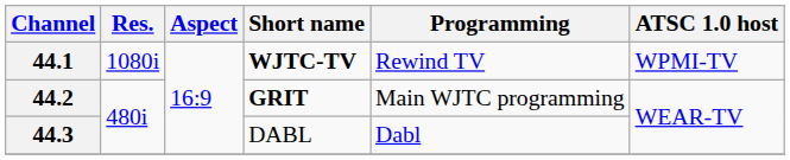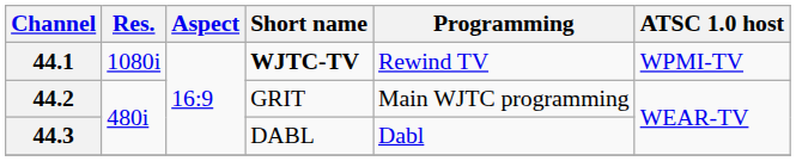 <table class="wikitable">
 <tr>
 <th scope = "col"><a href='#'>Channel</a></th>
 <th scope = "col"><a href='#'>Res.</a></th>
 <th scope = "col"><a href='#'>Aspect</a></th>
 <th scope = "col">Short name</th>
 <th scope = "col">Programming</th>
 <th scope = "col">ATSC 1.0 host</th>
 </tr>
 <tr>
 <th scope = "row">44.1</th>
 <td><a href='#'>1080i</a></td>
 <td rowspan=3><a href='#'>16:9</a></td>
 <td><strong>WJTC-TV</strong></td>
 <td><a href='#'>Rewind TV</a></td>
 <td><a href='#'>WPMI-TV</a></td>
 </tr>
 <tr>
 <th scope = "row">44.2</th>
 <td rowspan="2"><a href='#'>480i</a></td>
-<td><strong>GRIT</strong></td>
+<td>GRIT</td>
 <td>Main WJTC programming</td>
 <td rowspan="2"><a href='#'>WEAR-TV</a></td>
 </tr>
 <tr>
 <th scope = "row">44.3</th>
 <td>DABL</td>
 <td><a href='#'>Dabl</a></td>
 </tr>
 <tr>
 </tr>
 </table>
